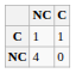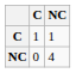 <table class="wikitable">
 <tr>
 <th></th>
+<th>C</th>
 <th>NC</th>
-<th>C</th>
 </tr>
 <tr>
 <th>C</th>
 <td>1</td>
 <td>1</td>
 </tr>
 <tr>
 <th>NC</th>
+<td>0</td>
 <td>4</td>
-<td>0</td>
 </tr>
 </table>
